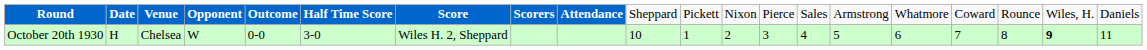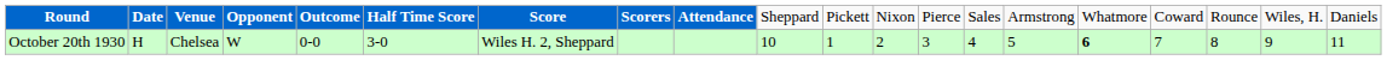 <table class="wikitable">
 <tr>
 <td style="background:#0066CC; color:#FFFFFF; text-align:center;" !><strong>Round</strong></td>
 <td style="background:#0066CC; color:#FFFFFF; text-align:center;" !><strong>Date</strong></td>
 <td style="background:#0066CC; color:#FFFFFF; text-align:center;" !><strong>Venue</strong></td>
 <td style="background:#0066CC; color:#FFFFFF; text-align:center;" !><strong>Opponent</strong></td>
 <td style="background:#0066CC; color:#FFFFFF; text-align:center;" !><strong>Outcome</strong></td>
 <td style="background:#0066CC; color:#FFFFFF; text-align:center;" !><strong>Half Time Score</strong></td>
 <td style="background:#0066CC; color:#FFFFFF; text-align:center;" !><strong>Score</strong></td>
 <td style="background:#0066CC; color:#FFFFFF; text-align:center;" !><strong>Scorers</strong></td>
 <td style="background:#0066CC; color:#FFFFFF; text-align:center;" !><strong>Attendance</strong></td>
 <td>Sheppard</td>
 <td>Pickett</td>
 <td>Nixon</td>
 <td>Pierce</td>
 <td>Sales</td>
 <td>Armstrong</td>
 <td>Whatmore</td>
 <td>Coward</td>
 <td>Rounce</td>
 <td>Wiles, H.</td>
 <td>Daniels</td>
 </tr>
 <tr bgcolor="#CCFFCC">
 <td>October 20th 1930</td>
 <td>H</td>
 <td>Chelsea</td>
 <td>W</td>
 <td>0-0</td>
 <td>3-0</td>
 <td>Wiles H. 2, Sheppard</td>
 <td></td>
 <td></td>
 <td>10</td>
 <td>1</td>
 <td>2</td>
 <td>3</td>
 <td>4</td>
 <td>5</td>
-<td>6</td>
+<td><strong>6</strong></td>
 <td>7</td>
 <td>8</td>
-<td><strong>9</strong></td>
+<td>9</td>
 <td>11</td>
 </tr>
 </table>
